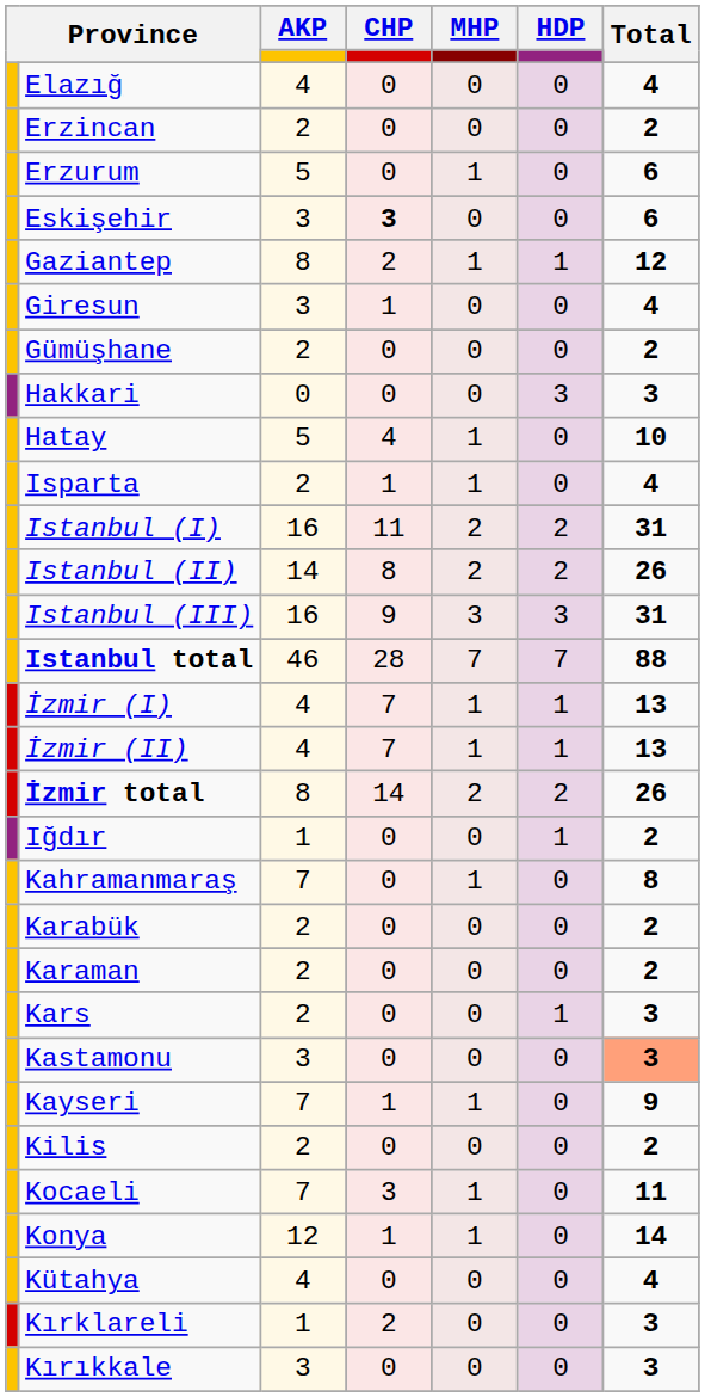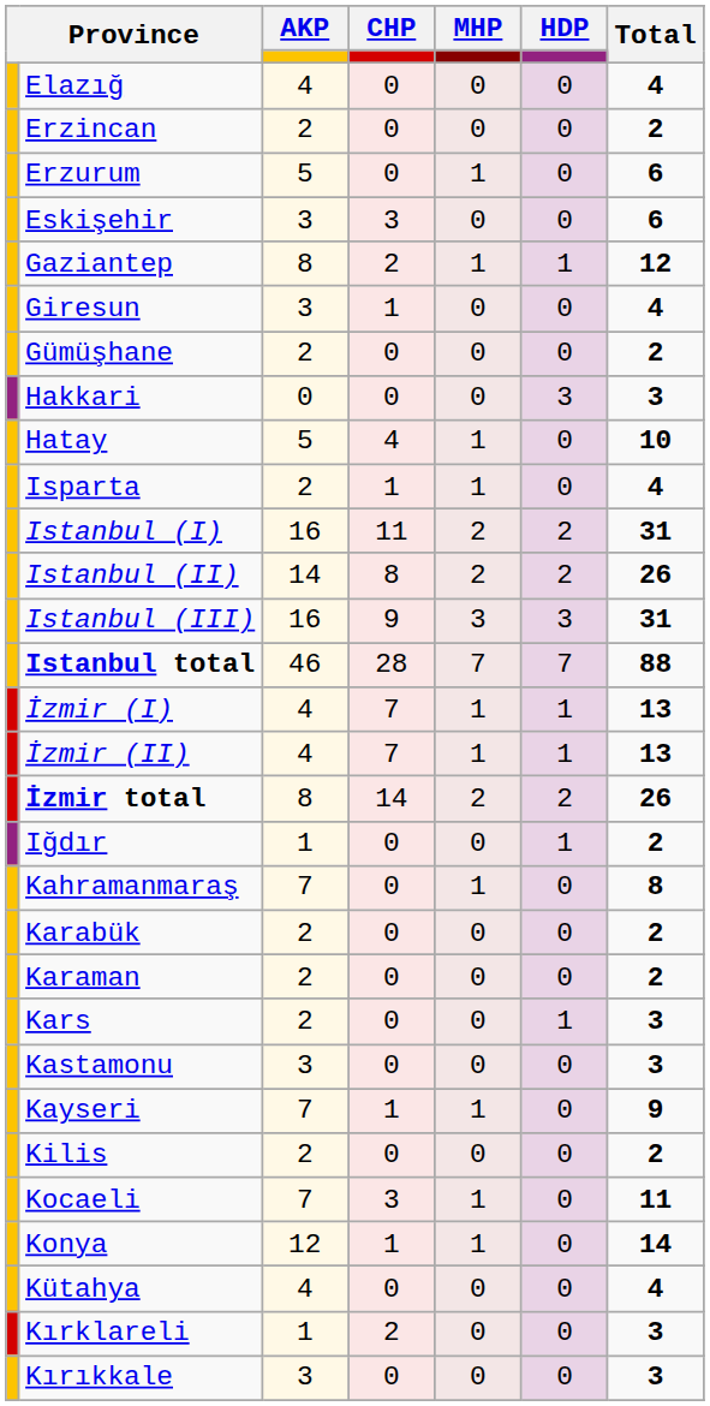 <table class="wikitable" style="text-align:center">
 <tr>
 <th rowspan="2" colspan="2" style="width: 70px;">Province</th>
 <th style="width: 35px;"><a href='#'>AKP</a></th>
 <th style="width: 35px;"><a href='#'>CHP</a></th>
 <th style="width: 35px;"><a href='#'>MHP</a></th>
 <th style="width: 35px;"><a href='#'>HDP</a></th>
 <th rowspan="2">Total</th>
 </tr>
 <tr>
 <th style="background: #fdc400"></th>
 <th style="background: #d40000"></th>
 <th style="background: #870000"></th>
 <th style="background: #922280"></th>
 </tr>
 <tr>
 <td style="background:#FDC400"></td>
 <td style="text-align:left"><a href='#'>Elazığ</a></td>
 <td style="background:#FFF9E6">4</td>
 <td style="background:#FBE6E6">0</td>
 <td style="background:#F3E6E6">0</td>
 <td style="background:#E9D3E6">0</td>
 <td><strong>4</strong></td>
 </tr>
 <tr>
 <td style="background:#FDC400"></td>
 <td style="text-align:left"><a href='#'>Erzincan</a></td>
 <td style="background:#FFF9E6">2</td>
 <td style="background:#FBE6E6">0</td>
 <td style="background:#F3E6E6">0</td>
 <td style="background:#E9D3E6">0</td>
 <td><strong>2</strong></td>
 </tr>
 <tr>
 <td style="background:#FDC400"></td>
 <td style="text-align:left"><a href='#'>Erzurum</a></td>
 <td style="background:#FFF9E6">5</td>
 <td style="background:#FBE6E6">0</td>
 <td style="background:#F3E6E6">1</td>
 <td style="background:#E9D3E6">0</td>
 <td><strong>6</strong></td>
 </tr>
 <tr>
 <td style="background:#FDC400"></td>
 <td style="text-align:left"><a href='#'>Eskişehir</a></td>
 <td style="background:#FFF9E6">3</td>
-<td style="background:#FBE6E6"><strong>3</strong></td>
+<td style="background:#FBE6E6">3</td>
 <td style="background:#F3E6E6">0</td>
 <td style="background:#E9D3E6">0</td>
 <td><strong>6</strong></td>
 </tr>
 <tr>
 <td style="background:#FDC400"></td>
 <td style="text-align:left"><a href='#'>Gaziantep</a></td>
 <td style="background:#FFF9E6">8</td>
 <td style="background:#FBE6E6">2</td>
 <td style="background:#F3E6E6">1</td>
 <td style="background:#E9D3E6">1</td>
 <td><strong>12</strong></td>
 </tr>
 <tr>
 <td style="background:#FDC400"></td>
 <td style="text-align:left"><a href='#'>Giresun</a></td>
 <td style="background:#FFF9E6">3</td>
 <td style="background:#FBE6E6">1</td>
 <td style="background:#F3E6E6">0</td>
 <td style="background:#E9D3E6">0</td>
 <td><strong>4</strong></td>
 </tr>
 <tr>
 <td style="background:#FDC400"></td>
 <td style="text-align:left"><a href='#'>Gümüşhane</a></td>
 <td style="background:#FFF9E6">2</td>
 <td style="background:#FBE6E6">0</td>
 <td style="background:#F3E6E6">0</td>
 <td style="background:#E9D3E6">0</td>
 <td><strong>2</strong></td>
 </tr>
 <tr>
 <td style="background:#922280"></td>
 <td style="text-align:left"><a href='#'>Hakkari</a></td>
 <td style="background:#FFF9E6">0</td>
 <td style="background:#FBE6E6">0</td>
 <td style="background:#F3E6E6">0</td>
 <td style="background:#E9D3E6">3</td>
 <td><strong>3</strong></td>
 </tr>
 <tr>
 <td style="background:#FDC400"></td>
 <td style="text-align:left"><a href='#'>Hatay</a></td>
 <td style="background:#FFF9E6">5</td>
 <td style="background:#FBE6E6">4</td>
 <td style="background:#F3E6E6">1</td>
 <td style="background:#E9D3E6">0</td>
 <td><strong>10</strong></td>
 </tr>
 <tr>
 <td style="background:#FDC400"></td>
 <td style="text-align:left"><a href='#'>Isparta</a></td>
 <td style="background:#FFF9E6">2</td>
 <td style="background:#FBE6E6">1</td>
 <td style="background:#F3E6E6">1</td>
 <td style="background:#E9D3E6">0</td>
 <td><strong>4</strong></td>
 </tr>
 <tr>
 <td style="background:#FDC400"></td>
 <td style="text-align:left"><em><a href='#'>Istanbul (I)</a></em></td>
 <td style="background:#FFF9E6">16</td>
 <td style="background:#FBE6E6">11</td>
 <td style="background:#F3E6E6">2</td>
 <td style="background:#E9D3E6">2</td>
 <td><strong>31</strong></td>
 </tr>
 <tr>
 <td style="background:#FDC400"></td>
 <td style="text-align:left"><em><a href='#'>Istanbul (II)</a></em></td>
 <td style="background:#FFF9E6">14</td>
 <td style="background:#FBE6E6">8</td>
 <td style="background:#F3E6E6">2</td>
 <td style="background:#E9D3E6">2</td>
 <td><strong>26</strong></td>
 </tr>
 <tr>
 <td style="background:#FDC400"></td>
 <td style="text-align:left"><em><a href='#'>Istanbul (III)</a></em></td>
 <td style="background:#FFF9E6">16</td>
 <td style="background:#FBE6E6">9</td>
 <td style="background:#F3E6E6">3</td>
 <td style="background:#E9D3E6">3</td>
 <td><strong>31</strong></td>
 </tr>
 <tr>
 <td style="background:#FDC400"></td>
 <td style="text-align:left"><strong><a href='#'>Istanbul</a> total</strong></td>
 <td style="background:#FFF9E6">46</td>
 <td style="background:#FBE6E6">28</td>
 <td style="background:#F3E6E6">7</td>
 <td style="background:#E9D3E6">7</td>
 <td><strong>88</strong></td>
 </tr>
 <tr>
 <td style="background:#D40000"></td>
 <td style="text-align:left"><em><a href='#'>İzmir (I)</a></em></td>
 <td style="background:#FFF9E6">4</td>
 <td style="background:#FBE6E6">7</td>
 <td style="background:#F3E6E6">1</td>
 <td style="background:#E9D3E6">1</td>
 <td><strong>13</strong></td>
 </tr>
 <tr>
 <td style="background:#D40000"></td>
 <td style="text-align:left"><em><a href='#'>İzmir (II)</a></em></td>
 <td style="background:#FFF9E6">4</td>
 <td style="background:#FBE6E6">7</td>
 <td style="background:#F3E6E6">1</td>
 <td style="background:#E9D3E6">1</td>
 <td><strong>13</strong></td>
 </tr>
 <tr>
 <td style="background:#D40000"></td>
 <td style="text-align:left"><strong><a href='#'>İzmir</a> total</strong></td>
 <td style="background:#FFF9E6">8</td>
 <td style="background:#FBE6E6">14</td>
 <td style="background:#F3E6E6">2</td>
 <td style="background:#E9D3E6">2</td>
 <td><strong>26</strong></td>
 </tr>
 <tr>
 <td style="background:#922280"></td>
 <td style="text-align:left"><a href='#'>Iğdır</a></td>
 <td style="background:#FFF9E6">1</td>
 <td style="background:#FBE6E6">0</td>
 <td style="background:#F3E6E6">0</td>
 <td style="background:#E9D3E6">1</td>
 <td><strong>2</strong></td>
 </tr>
 <tr>
 <td style="background:#FDC400"></td>
 <td style="text-align:left"><a href='#'>Kahramanmaraş</a></td>
 <td style="background:#FFF9E6">7</td>
 <td style="background:#FBE6E6">0</td>
 <td style="background:#F3E6E6">1</td>
 <td style="background:#E9D3E6">0</td>
 <td><strong>8</strong></td>
 </tr>
 <tr>
 <td style="background:#FDC400"></td>
 <td style="text-align:left"><a href='#'>Karabük</a></td>
 <td style="background:#FFF9E6">2</td>
 <td style="background:#FBE6E6">0</td>
 <td style="background:#F3E6E6">0</td>
 <td style="background:#E9D3E6">0</td>
 <td><strong>2</strong></td>
 </tr>
 <tr>
 <td style="background:#FDC400"></td>
 <td style="text-align:left"><a href='#'>Karaman</a></td>
 <td style="background:#FFF9E6">2</td>
 <td style="background:#FBE6E6">0</td>
 <td style="background:#F3E6E6">0</td>
 <td style="background:#E9D3E6">0</td>
 <td><strong>2</strong></td>
 </tr>
 <tr>
 <td style="background:#FDC400"></td>
 <td style="text-align:left"><a href='#'>Kars</a></td>
 <td style="background:#FFF9E6">2</td>
 <td style="background:#FBE6E6">0</td>
 <td style="background:#F3E6E6">0</td>
 <td style="background:#E9D3E6">1</td>
 <td><strong>3</strong></td>
 </tr>
 <tr>
 <td style="background:#FDC400"></td>
 <td style="text-align:left"><a href='#'>Kastamonu</a></td>
 <td style="background:#FFF9E6">3</td>
 <td style="background:#FBE6E6">0</td>
 <td style="background:#F3E6E6">0</td>
 <td style="background:#E9D3E6">0</td>
-<td style="background: lightsalmon;"><strong>3</strong></td>
+<td><strong>3</strong></td>
 </tr>
 <tr>
 <td style="background:#FDC400"></td>
 <td style="text-align:left"><a href='#'>Kayseri</a></td>
 <td style="background:#FFF9E6">7</td>
 <td style="background:#FBE6E6">1</td>
 <td style="background:#F3E6E6">1</td>
 <td style="background:#E9D3E6">0</td>
 <td><strong>9</strong></td>
 </tr>
 <tr>
 <td style="background:#FDC400"></td>
 <td style="text-align:left"><a href='#'>Kilis</a></td>
 <td style="background:#FFF9E6">2</td>
 <td style="background:#FBE6E6">0</td>
 <td style="background:#F3E6E6">0</td>
 <td style="background:#E9D3E6">0</td>
 <td><strong>2</strong></td>
 </tr>
 <tr>
 <td style="background:#FDC400"></td>
 <td style="text-align:left"><a href='#'>Kocaeli</a></td>
 <td style="background:#FFF9E6">7</td>
 <td style="background:#FBE6E6">3</td>
 <td style="background:#F3E6E6">1</td>
 <td style="background:#E9D3E6">0</td>
 <td><strong>11</strong></td>
 </tr>
 <tr>
 <td style="background:#FDC400"></td>
 <td style="text-align:left"><a href='#'>Konya</a></td>
 <td style="background:#FFF9E6">12</td>
 <td style="background:#FBE6E6">1</td>
 <td style="background:#F3E6E6">1</td>
 <td style="background:#E9D3E6">0</td>
 <td><strong>14</strong></td>
 </tr>
 <tr>
 <td style="background:#FDC400"></td>
 <td style="text-align:left"><a href='#'>Kütahya</a></td>
 <td style="background:#FFF9E6">4</td>
 <td style="background:#FBE6E6">0</td>
 <td style="background:#F3E6E6">0</td>
 <td style="background:#E9D3E6">0</td>
 <td><strong>4</strong></td>
 </tr>
 <tr>
 <td style="background:#D40000"></td>
 <td style="text-align:left"><a href='#'>Kırklareli</a></td>
 <td style="background:#FFF9E6">1</td>
 <td style="background:#FBE6E6">2</td>
 <td style="background:#F3E6E6">0</td>
 <td style="background:#E9D3E6">0</td>
 <td><strong>3</strong></td>
 </tr>
 <tr>
 <td style="background:#FDC400"></td>
 <td style="text-align:left"><a href='#'>Kırıkkale</a></td>
 <td style="background:#FFF9E6">3</td>
 <td style="background:#FBE6E6">0</td>
 <td style="background:#F3E6E6">0</td>
 <td style="background:#E9D3E6">0</td>
 <td><strong>3</strong></td>
 </tr>
 </table>
